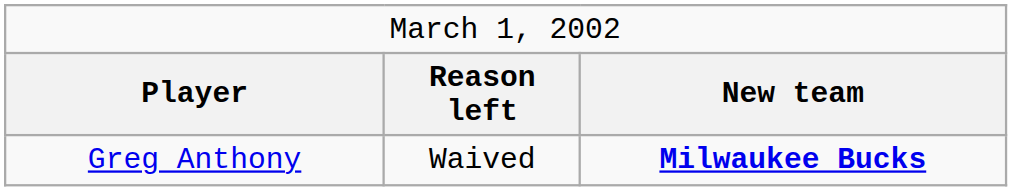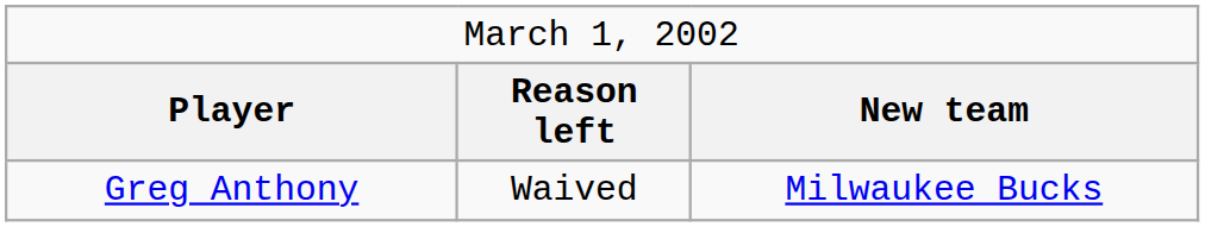 <table class="wikitable" style="text-align:center">
 <tr>
 <td colspan=3>March 1, 2002</td>
 </tr>
 <tr>
 <th style="width:160px">Player</th>
 <th style="width:80px">Reason left</th>
 <th style="width:180px">New team</th>
 </tr>
 <tr>
 <td><a href='#'>Greg Anthony</a></td>
 <td>Waived</td>
-<td><strong><a href='#'>Milwaukee Bucks</a></strong></td>
+<td><a href='#'>Milwaukee Bucks</a></td>
 </tr>
 </table>
